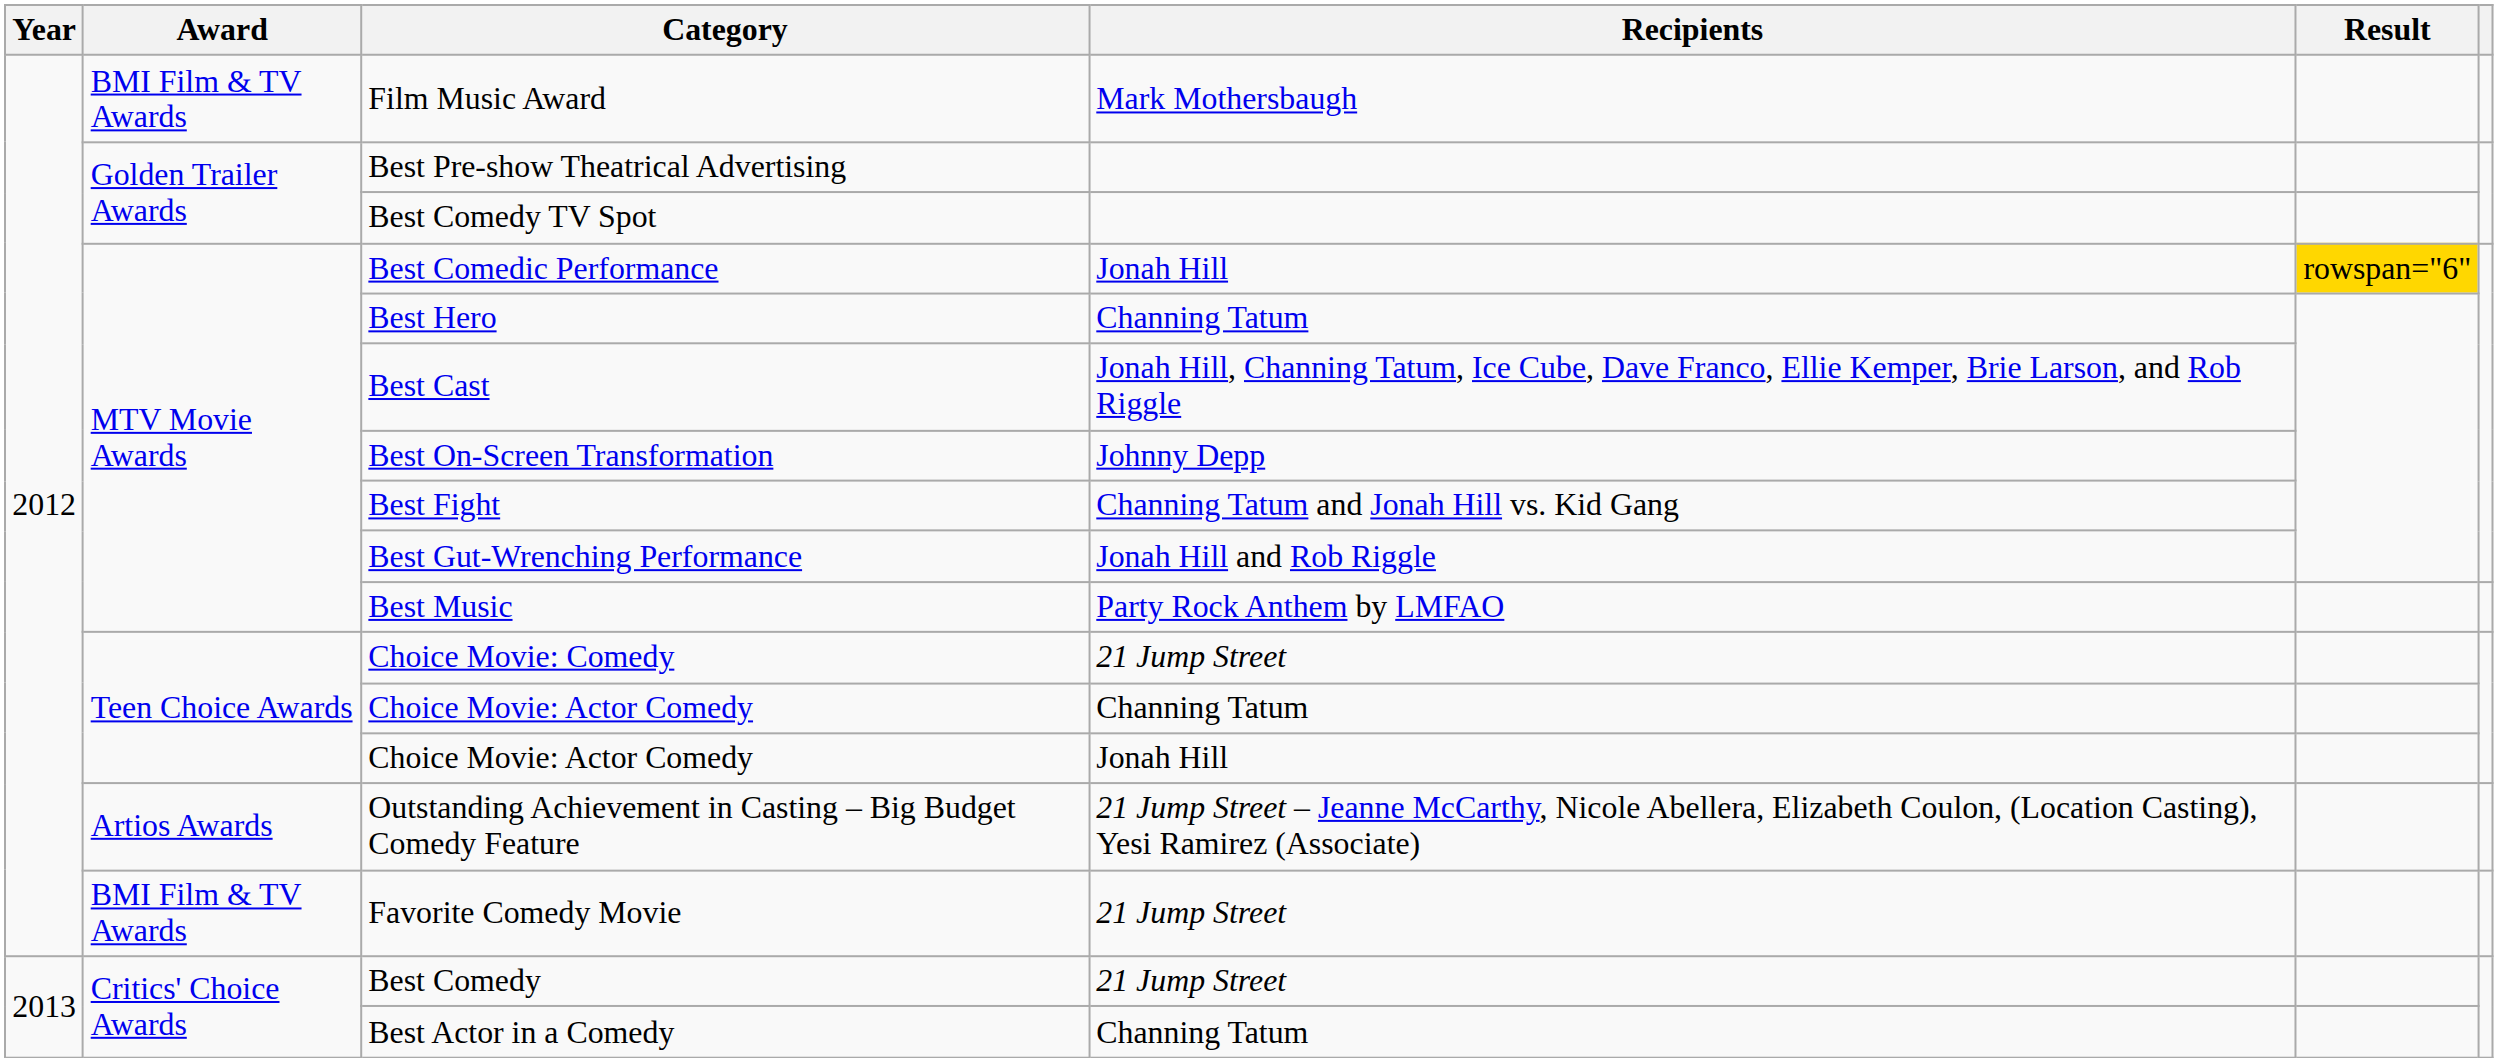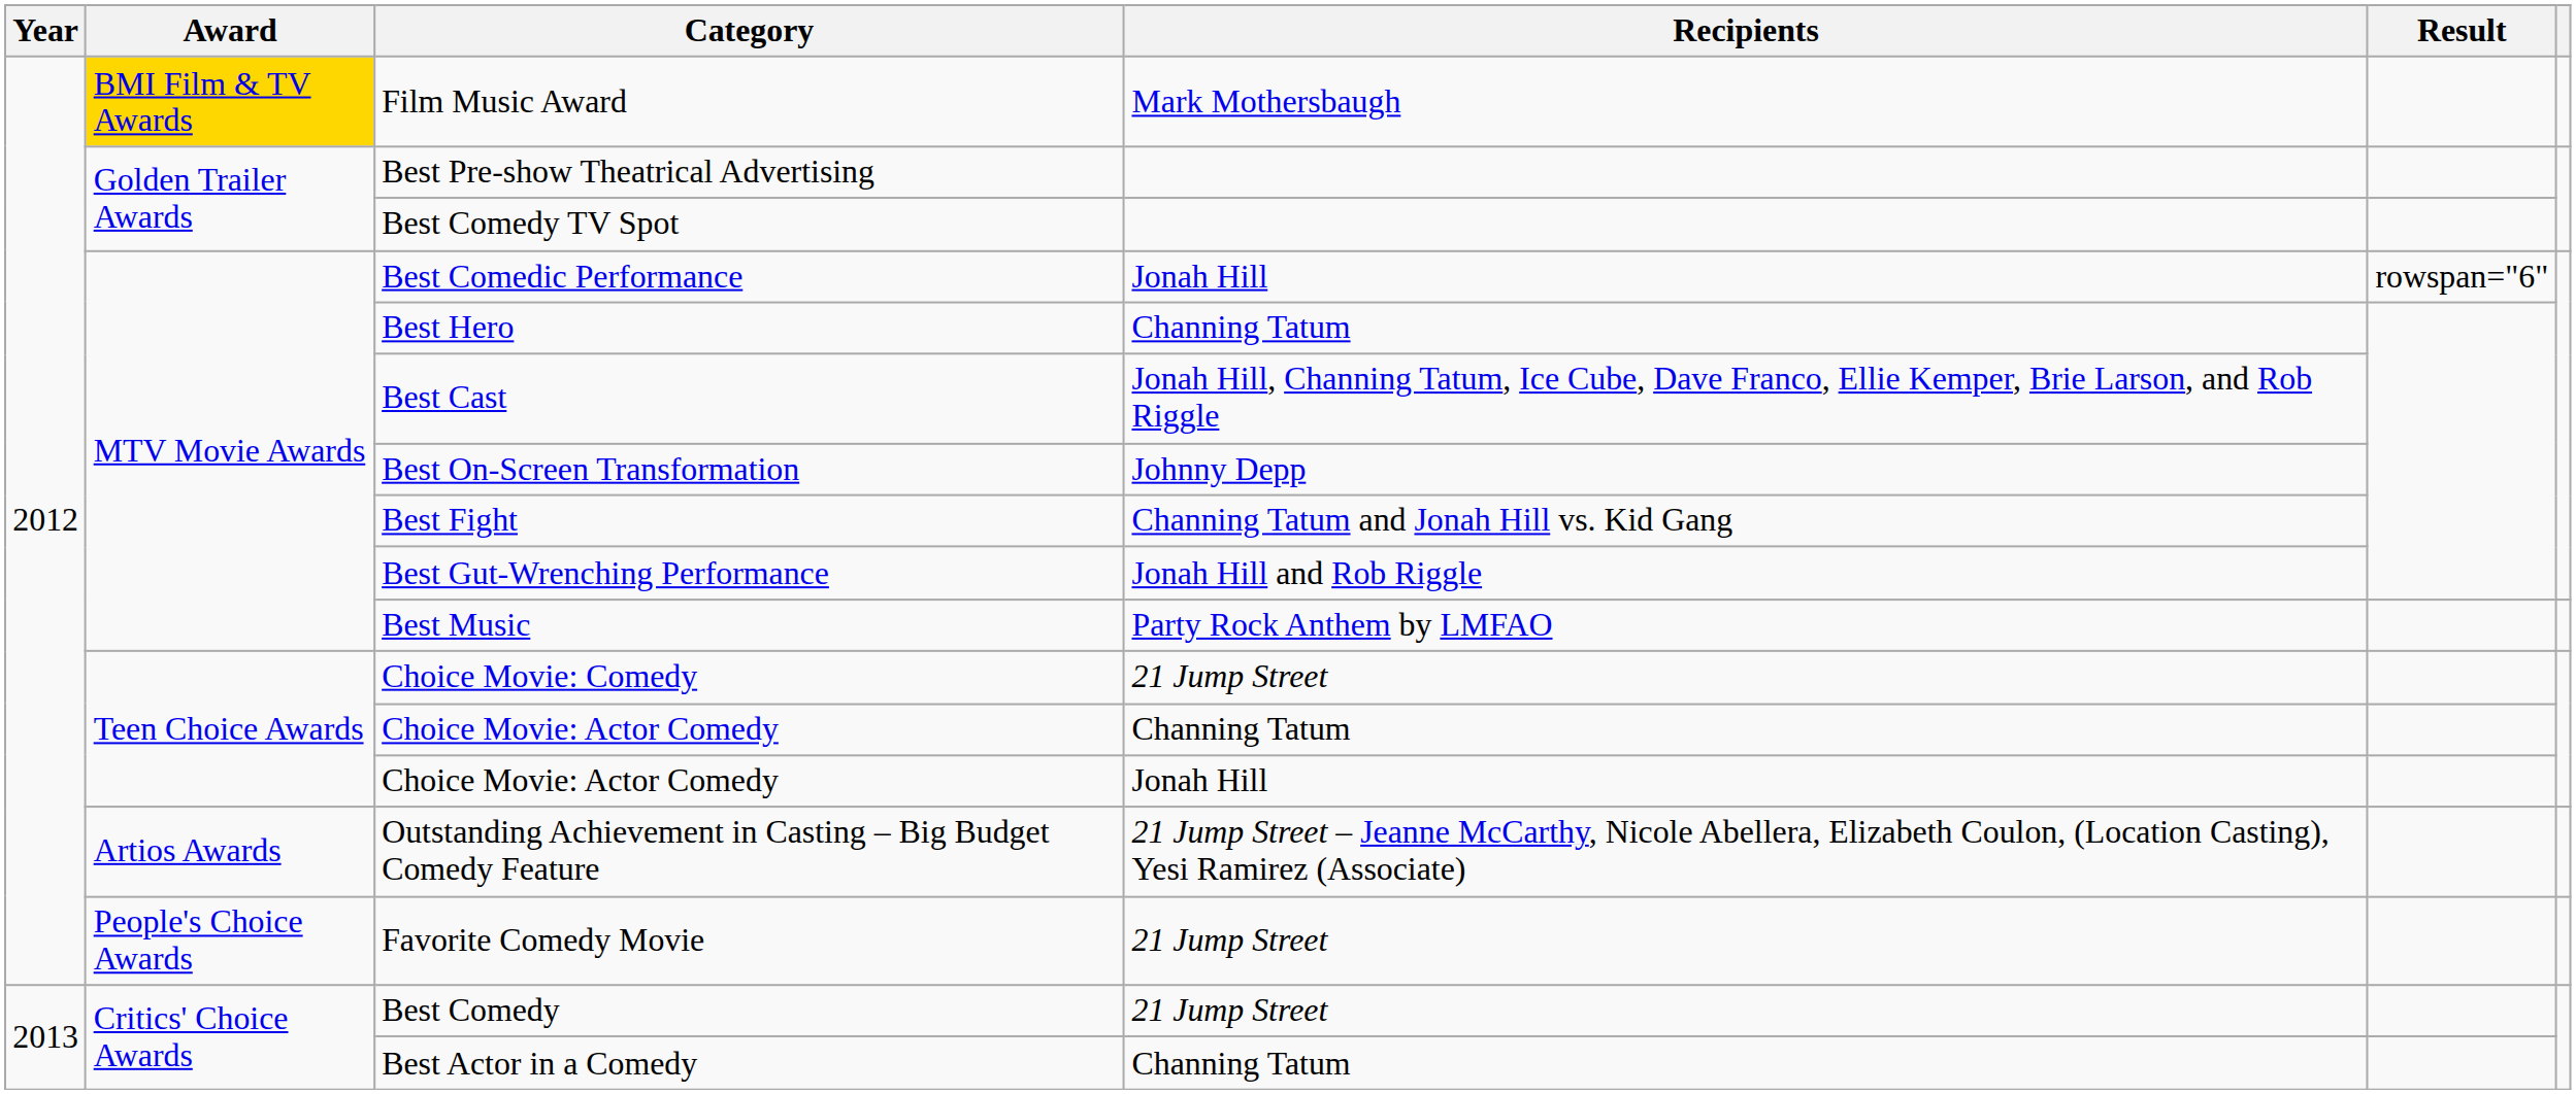 <table class="wikitable" style="width:99%;">
 <tr>
 <th>Year</th>
 <th>Award</th>
 <th>Category</th>
 <th>Recipients</th>
 <th>Result</th>
 <th></th>
 </tr>
 <tr>
 <td rowspan="15">2012</td>
-<td><a href='#'>BMI Film & TV Awards</a></td>
+<td style="background: gold;"><a href='#'>BMI Film & TV Awards</a></td>
 <td>Film Music Award</td>
 <td><a href='#'>Mark Mothersbaugh</a></td>
 <td></td>
 <td style="text-align:center;"></td>
 </tr>
 <tr>
 <td rowspan="2"><a href='#'>Golden Trailer Awards</a></td>
 <td>Best Pre-show Theatrical Advertising</td>
 <td></td>
 <td></td>
 <td style="text-align:center;" rowspan="2"></td>
 </tr>
 <tr>
 <td>Best Comedy TV Spot</td>
 <td></td>
 <td></td>
 </tr>
 <tr>
 <td rowspan="7"><a href='#'>MTV Movie Awards</a></td>
 <td><a href='#'>Best Comedic Performance</a></td>
 <td><a href='#'>Jonah Hill</a></td>
-<td style="background: gold;">rowspan="6" </td>
+<td>rowspan="6" </td>
 <td style="text-align:center;" rowspan="6"></td>
 </tr>
 <tr>
 <td><a href='#'>Best Hero</a></td>
 <td><a href='#'>Channing Tatum</a></td>
 </tr>
 <tr>
 <td><a href='#'>Best Cast</a></td>
 <td><a href='#'>Jonah Hill</a>, <a href='#'>Channing Tatum</a>, <a href='#'>Ice Cube</a>, <a href='#'>Dave Franco</a>, <a href='#'>Ellie Kemper</a>, <a href='#'>Brie Larson</a>, and <a href='#'>Rob Riggle</a></td>
 </tr>
 <tr>
 <td><a href='#'>Best On-Screen Transformation</a></td>
 <td><a href='#'>Johnny Depp</a></td>
 </tr>
 <tr>
 <td><a href='#'>Best Fight</a></td>
 <td><a href='#'>Channing Tatum</a> and <a href='#'>Jonah Hill</a> vs. Kid Gang</td>
 </tr>
 <tr>
 <td><a href='#'>Best Gut-Wrenching Performance</a></td>
 <td><a href='#'>Jonah Hill</a> and <a href='#'>Rob Riggle</a></td>
 </tr>
 <tr>
 <td><a href='#'>Best Music</a></td>
 <td><a href='#'>Party Rock Anthem</a> by <a href='#'>LMFAO</a></td>
 <td></td>
 </tr>
 <tr>
 <td rowspan="3"><a href='#'>Teen Choice Awards</a></td>
 <td><a href='#'>Choice Movie: Comedy</a></td>
 <td><em>21 Jump Street</em></td>
 <td></td>
 <td style="text-align:center;" rowspan="3"><br></td>
 </tr>
 <tr>
 <td><a href='#'>Choice Movie: Actor Comedy</a></td>
 <td>Channing Tatum</td>
 <td></td>
 </tr>
 <tr>
 <td>Choice Movie: Actor Comedy</td>
 <td>Jonah Hill</td>
 <td></td>
 </tr>
 <tr>
 <td><a href='#'>Artios Awards</a></td>
 <td>Outstanding Achievement in Casting – Big Budget Comedy Feature</td>
 <td><em>21 Jump Street</em> – <a href='#'>Jeanne McCarthy</a>, Nicole Abellera, Elizabeth Coulon, (Location Casting), Yesi Ramirez (Associate)</td>
 <td></td>
 <td style="text-align:center;"></td>
 </tr>
 <tr>
-<td><a href='#'>BMI Film & TV Awards</a></td>
+<td><a href='#'>People's Choice Awards</a></td>
 <td>Favorite Comedy Movie</td>
 <td><em>21 Jump Street</em></td>
 <td></td>
 <td style="text-align:center;"></td>
 </tr>
 <tr>
 <td rowspan="2">2013</td>
 <td rowspan="2"><a href='#'>Critics' Choice Awards</a></td>
 <td>Best Comedy</td>
 <td><em>21 Jump Street</em></td>
 <td></td>
 <td rowspan="2" style="text-align:center;"></td>
 </tr>
 <tr>
 <td>Best Actor in a Comedy</td>
 <td>Channing Tatum</td>
 <td></td>
 </tr>
 </table>
